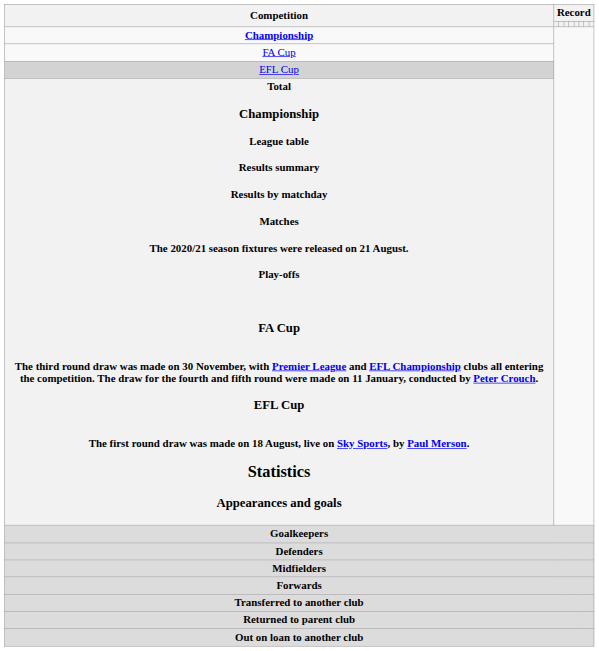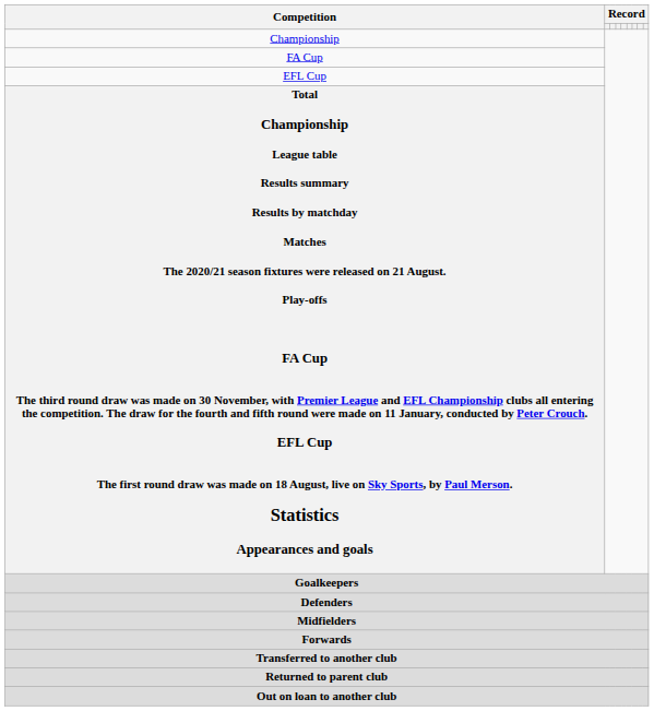 <table class="wikitable" style="text-align: center">
 <tr>
 <th rowspan=2>Competition</th>
 <th colspan=8>Record</th>
 </tr>
 <tr>
 <th></th>
 <th></th>
 <th></th>
 <th></th>
 <th></th>
 <th></th>
 <th></th>
 <th></th>
 </tr>
 <tr>
-<td><strong><a href='#'>Championship</a><br></strong></td>
+<td><a href='#'>Championship</a><br></td>
 </tr>
 <tr>
 <td><a href='#'>FA Cup</a><br></td>
 </tr>
 <tr>
-<td style="background: lightgrey;"><a href='#'>EFL Cup</a><br></td>
+<td><a href='#'>EFL Cup</a><br></td>
 </tr>
 <tr>
 <th>Total<br> <h3>Championship</h3><h4>League table</h4><h4>Results summary</h4> <h4>Results by matchday</h4><h4>Matches</h4>The 2020/21 season fixtures were released on 21 August.<br>                                               <h4>Play-offs</h4><br>  <h3>FA Cup</h3><br>The third round draw was made on 30 November, with <a href='#'>Premier League</a> and <a href='#'>EFL Championship</a> clubs all entering the competition. The draw for the fourth and fifth round were made on 11 January, conducted by <a href='#'>Peter Crouch</a>.<br>  <h3>EFL Cup</h3><br>The first round draw was made on 18 August, live on <a href='#'>Sky Sports</a>, by <a href='#'>Paul Merson</a>.<br><h2>Statistics</h2><h3>Appearances and goals</h3> </th>
 </tr>
 <tr>
 <th colspan=14 style=background:#dcdcdc; text-align:center>Goalkeepers<br> </th>
 </tr>
 <tr>
 <th colspan=14 style=background:#dcdcdc; text-align:center>Defenders<br>        </th>
 </tr>
 <tr>
 <th colspan=14 style=background:#dcdcdc; text-align:center>Midfielders<br>        </th>
 </tr>
 <tr>
 <th colspan=14 style=background:#dcdcdc; text-align:center>Forwards<br>   </th>
 </tr>
 <tr>
 <th colspan=14 style=background:#dcdcdc; text-align:center>Transferred to another club<br>  </th>
 </tr>
 <tr>
 <th colspan=14 style=background:#dcdcdc; text-align:center>Returned to parent club<br>  </th>
 </tr>
 <tr>
 <th colspan=14 style=background:#dcdcdc; text-align:center>Out on loan to another club<br>  </th>
 </tr>
 </table>
